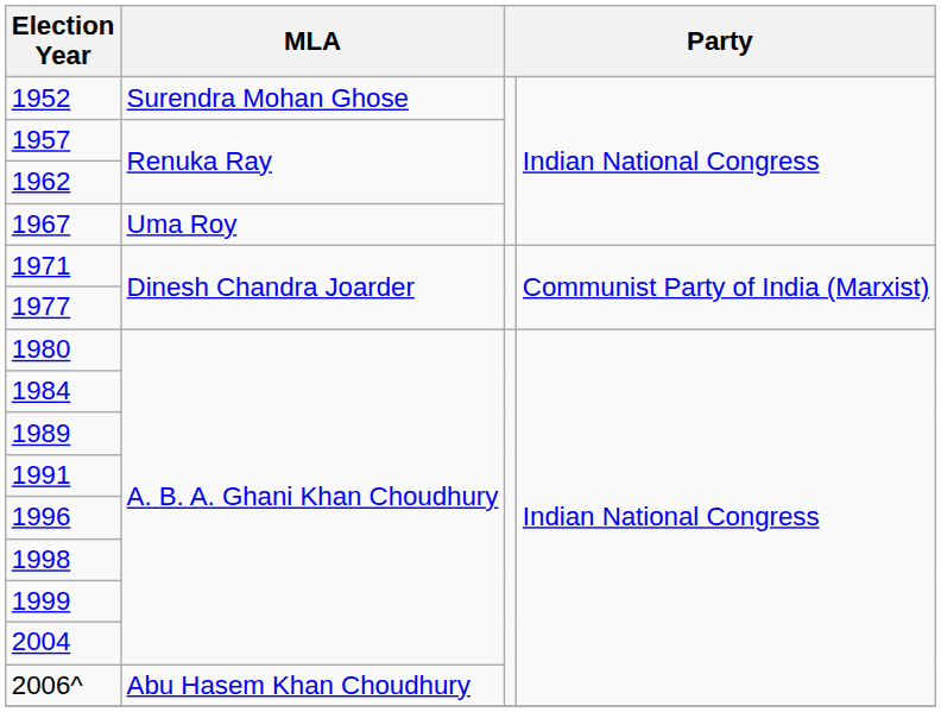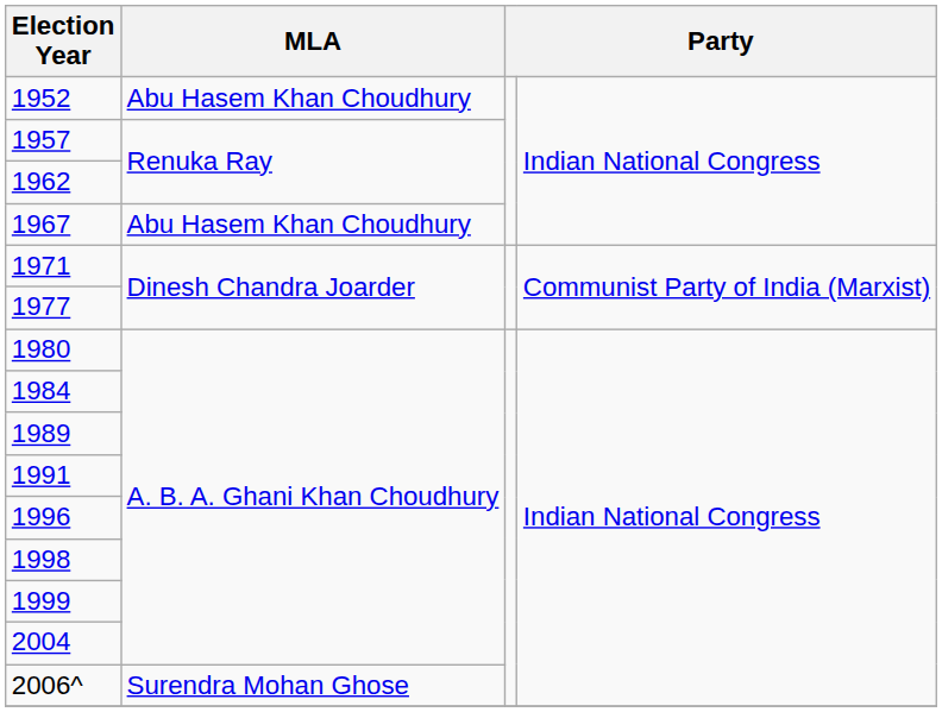 <table class="wikitable sortable">
 <tr>
 <th>Election<br> Year</th>
 <th>MLA</th>
 <th colspan="2">Party</th>
 </tr>
 <tr>
 <td><a href='#'>1952</a></td>
-<td rowspan="1"><a href='#'>Surendra Mohan Ghose</a></td>
+<td rowspan="1"><a href='#'>Abu Hasem Khan Choudhury</a></td>
 <td rowspan="4" style="background-color: "></td>
 <td rowspan="4"><a href='#'>Indian National Congress</a></td>
 </tr>
 <tr>
 <td><a href='#'>1957</a></td>
 <td rowspan="2"><a href='#'>Renuka Ray</a></td>
 </tr>
 <tr>
 <td><a href='#'>1962</a></td>
 </tr>
 <tr>
 <td><a href='#'>1967</a></td>
-<td rowspan="1"><a href='#'>Uma Roy</a></td>
+<td rowspan="1"><a href='#'>Abu Hasem Khan Choudhury</a></td>
 </tr>
 <tr>
 <td><a href='#'>1971</a></td>
 <td rowspan="2"><a href='#'>Dinesh Chandra Joarder</a></td>
 <td rowspan="2" style="background-color: "></td>
 <td rowspan="2"><a href='#'>Communist Party of India (Marxist)</a></td>
 </tr>
 <tr>
 <td><a href='#'>1977</a></td>
 </tr>
 <tr>
 <td><a href='#'>1980</a></td>
 <td rowspan="8"><a href='#'>A. B. A. Ghani Khan Choudhury</a></td>
 <td rowspan="9" style="background-color: "></td>
 <td rowspan="9"><a href='#'>Indian National Congress</a></td>
 </tr>
 <tr>
 <td><a href='#'>1984</a></td>
 </tr>
 <tr>
 <td><a href='#'>1989</a></td>
 </tr>
 <tr>
 <td><a href='#'>1991</a></td>
 </tr>
 <tr>
 <td><a href='#'>1996</a></td>
 </tr>
 <tr>
 <td><a href='#'>1998</a></td>
 </tr>
 <tr>
 <td><a href='#'>1999</a></td>
 </tr>
 <tr>
 <td><a href='#'>2004</a></td>
 </tr>
 <tr>
 <td>2006^</td>
-<td rowspan="1"><a href='#'>Abu Hasem Khan Choudhury</a></td>
+<td rowspan="1"><a href='#'>Surendra Mohan Ghose</a></td>
 </tr>
 <tr>
 </tr>
 </table>
